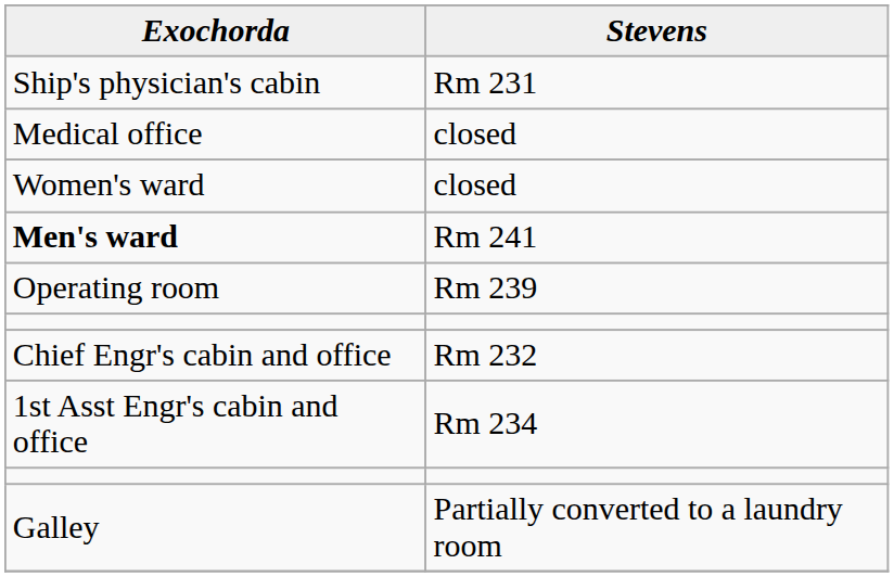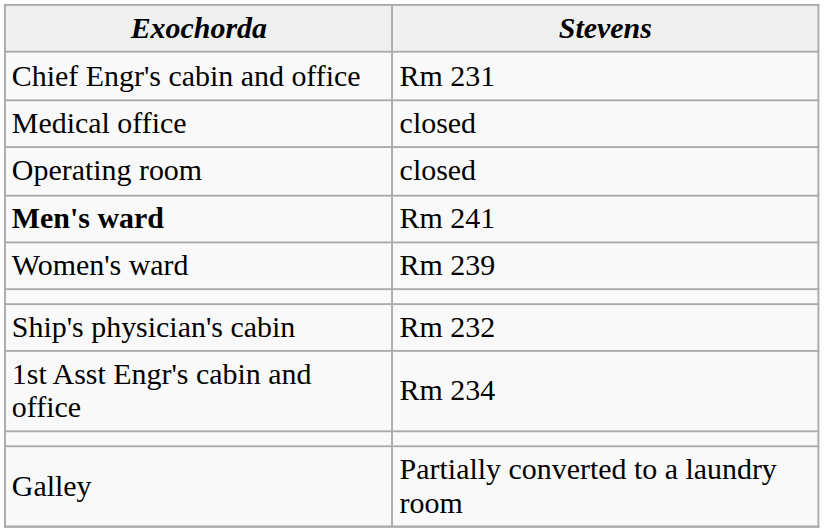 <table class="wikitable">
 <tr>
 <th style="background:#efefef; text-align:center; "><strong><em>Exochorda</em></strong></th>
 <th style="background:#efefef; text-align:center; "><strong><em>Stevens</em></strong></th>
 </tr>
 <tr>
-<td>Ship's physician's cabin</td>
+<td>Chief Engr's cabin and office</td>
 <td>Rm 231</td>
 </tr>
 <tr>
 <td>Medical office</td>
 <td>closed</td>
 </tr>
 <tr>
-<td>Women's ward</td>
+<td>Operating room</td>
 <td>closed</td>
 </tr>
 <tr>
 <td><strong>Men's ward</strong></td>
 <td>Rm 241</td>
 </tr>
 <tr>
-<td>Operating room</td>
+<td>Women's ward</td>
 <td>Rm 239</td>
 </tr>
 <tr>
 <td></td>
 </tr>
 <tr>
-<td>Chief Engr's cabin and office</td>
+<td>Ship's physician's cabin</td>
 <td>Rm 232</td>
 </tr>
 <tr>
 <td>1st Asst Engr's cabin and office</td>
 <td>Rm 234</td>
 </tr>
 <tr>
 <td></td>
 </tr>
 <tr>
 <td width=200px>Galley</td>
 <td width=220px>Partially converted to a laundry room</td>
 </tr>
 <tr>
 </tr>
 </table>
